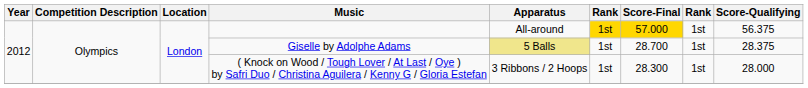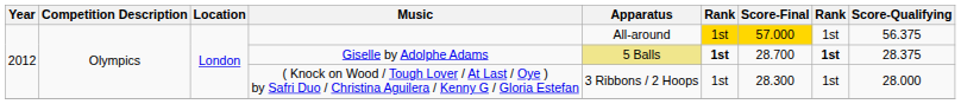 <table class="wikitable" style="text-align:center">
 <tr>
 <th>Year</th>
 <th>Competition Description</th>
 <th>Location</th>
 <th>Music </th>
 <th>Apparatus</th>
 <th>Rank</th>
 <th>Score-Final</th>
 <th>Rank</th>
 <th>Score-Qualifying</th>
 </tr>
 <tr>
 <td rowspan="3">2012</td>
 <td rowspan="3">Olympics</td>
 <td rowspan="3"><a href='#'>London</a></td>
 <td></td>
 <td>All-around</td>
 <td bgcolor=gold>1st</td>
 <td bgcolor=gold>57.000</td>
 <td>1st</td>
 <td>56.375</td>
 </tr>
 <tr>
 <td><a href='#'>Giselle</a> by <a href='#'>Adolphe Adams</a></td>
 <td style="background: khaki;">5 Balls</td>
-<td>1st</td>
+<td><strong>1st</strong></td>
 <td>28.700</td>
-<td>1st</td>
+<td><strong>1st</strong></td>
 <td>28.375</td>
 </tr>
 <tr>
 <td>( Knock on Wood / <a href='#'>Tough Lover</a> / <a href='#'>At Last</a> / <a href='#'>Oye</a> ) <br> by <a href='#'>Safri Duo</a> / <a href='#'>Christina Aguilera</a> / <a href='#'>Kenny G</a> / <a href='#'>Gloria Estefan</a></td>
 <td>3 Ribbons / 2 Hoops</td>
 <td>1st</td>
 <td>28.300</td>
 <td>1st</td>
 <td>28.000</td>
 </tr>
 <tr>
 </tr>
 </table>
